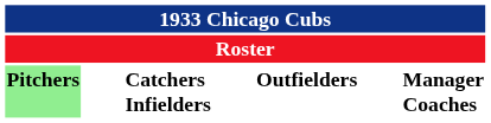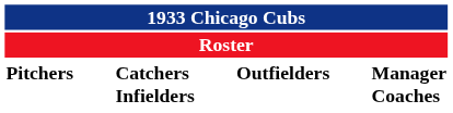 <table class="toccolours" style="font-size: 95%;">
 <tr>
 <th colspan="10" style="background-color: #0e3386; color: white; text-align: center;">1933 Chicago Cubs</th>
 </tr>
 <tr>
 <td colspan="10" style="background-color: #EE1422; color: white; text-align: center;"><strong>Roster</strong></td>
 </tr>
 <tr>
-<td valign="top" style="background: lightgreen;"><strong>Pitchers</strong><br>          </td>
+<td valign="top"><strong>Pitchers</strong><br>          </td>
 <td width="25px"></td>
 <td valign="top"><strong>Catchers</strong><br>    <strong>Infielders</strong>        </td>
 <td width="25px"></td>
 <td valign="top"><strong>Outfielders</strong><br>     </td>
 <td width="25px"></td>
 <td valign="top"><strong>Manager</strong><br> <strong>Coaches</strong>   </td>
 </tr>
 </table>
